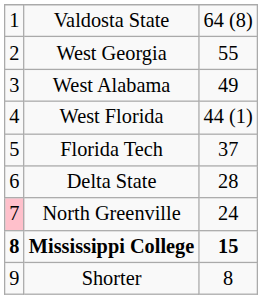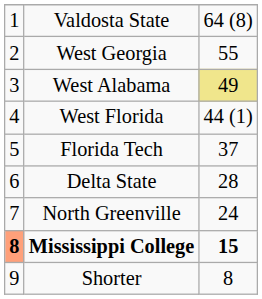 <table class="wikitable">
 <tr align="center">
 </tr>
 <tr align="center">
 <td>1</td>
 <td>Valdosta State</td>
 <td>64 (8)</td>
 </tr>
 <tr align="center">
 <td>2</td>
 <td>West Georgia</td>
 <td>55</td>
 </tr>
 <tr align="center">
 <td>3</td>
 <td>West Alabama</td>
-<td>49</td>
+<td style="background: khaki;">49</td>
 </tr>
 <tr align="center">
 <td>4</td>
 <td>West Florida</td>
 <td>44 (1)</td>
 </tr>
 <tr align="center">
 <td>5</td>
 <td>Florida Tech</td>
 <td>37</td>
 </tr>
 <tr align="center">
 <td>6</td>
 <td>Delta State</td>
 <td>28</td>
 </tr>
 <tr align="center">
-<td style="background: pink;">7</td>
+<td>7</td>
 <td>North Greenville</td>
 <td>24</td>
 </tr>
 <tr align="center">
-<td><strong>8</strong></td>
+<td style="background: lightsalmon;"><strong>8</strong></td>
 <td><strong>Mississippi College</strong></td>
 <td><strong>15</strong></td>
 </tr>
 <tr align="center">
 <td>9</td>
 <td>Shorter</td>
 <td>8</td>
 </tr>
 </table>
